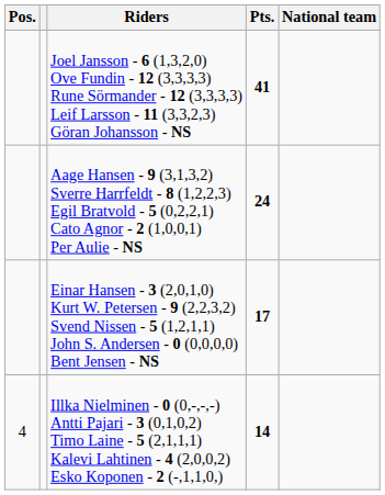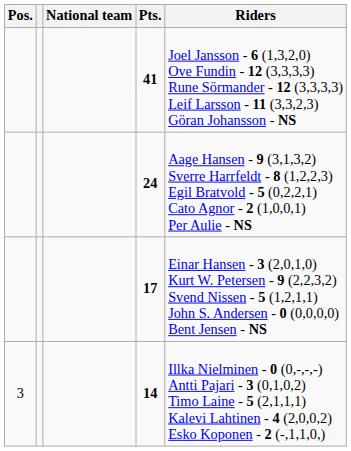 <table class=wikitable style="font-size:93%;">
 <tr>
 <th>Pos.</th>
 <th></th>
+<th>National team</th>
+<th>Pts.</th>
 <th>Riders</th>
-<th>Pts.</th>
-<th>National team</th>
 </tr>
 <tr align=center >
 <td></td>
 <td></td>
+<td align=left></td>
+<td><strong>41</strong></td>
 <td align=left><br><a href='#'>Joel Jansson</a> - <strong>6</strong> (1,3,2,0)<br> <a href='#'>Ove Fundin</a> - <strong>12</strong> (3,3,3,3)<br> <a href='#'>Rune Sörmander</a> - <strong>12</strong> (3,3,3,3)<br> <a href='#'>Leif Larsson</a> - <strong>11</strong> (3,3,2,3)<br> <a href='#'>Göran Johansson</a> - <strong>NS</strong></td>
-<td><strong>41</strong></td>
-<td align=left></td>
 </tr>
 <tr align=center >
 <td></td>
 <td></td>
+<td align=left></td>
+<td><strong>24</strong></td>
 <td align=left><br><a href='#'>Aage Hansen</a> - <strong>9</strong> (3,1,3,2)<br> <a href='#'>Sverre Harrfeldt</a> - <strong>8</strong> (1,2,2,3)<br> <a href='#'>Egil Bratvold</a> - <strong>5</strong> (0,2,2,1)<br> <a href='#'>Cato Agnor</a> - <strong>2</strong> (1,0,0,1)<br> <a href='#'>Per Aulie</a> - <strong>NS</strong></td>
-<td><strong>24</strong></td>
-<td align=left></td>
 </tr>
 <tr align=center >
 <td></td>
 <td></td>
+<td align=left></td>
+<td><strong>17</strong></td>
 <td align=left><br><a href='#'>Einar Hansen</a> - <strong>3</strong> (2,0,1,0)<br> <a href='#'>Kurt W. Petersen</a> - <strong>9</strong> (2,2,3,2)<br> <a href='#'>Svend Nissen</a> - <strong>5</strong> (1,2,1,1)<br> <a href='#'>John S. Andersen</a> - <strong>0</strong> (0,0,0,0)<br> <a href='#'>Bent Jensen</a> - <strong>NS</strong></td>
-<td><strong>17</strong></td>
-<td align=left></td>
 </tr>
 <tr align=center>
-<td>4</td>
+<td>3</td>
 <td></td>
+<td align=left></td>
+<td><strong>14</strong></td>
 <td align=left><br><a href='#'>Illka Nielminen</a> - <strong>0</strong> (0,-,-,-)<br> <a href='#'>Antti Pajari</a> - <strong>3</strong> (0,1,0,2)<br> <a href='#'>Timo Laine</a> - <strong>5</strong> (2,1,1,1)<br> <a href='#'>Kalevi Lahtinen</a> - <strong>4</strong> (2,0,0,2)<br> <a href='#'>Esko Koponen</a> - <strong>2</strong> (-,1,1,0,)</td>
-<td><strong>14</strong></td>
-<td align=left></td>
 </tr>
 </table>
